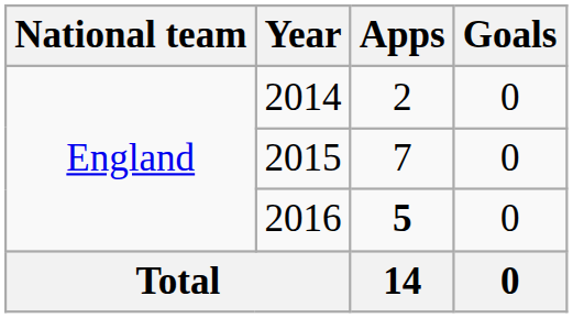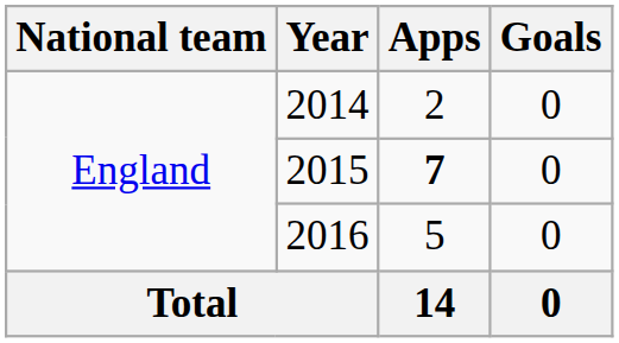 <table class=wikitable style=text-align:center>
 <tr>
 <th>National team</th>
 <th>Year</th>
 <th>Apps</th>
 <th>Goals</th>
 </tr>
 <tr>
 <td rowspan=3><a href='#'>England</a></td>
 <td>2014</td>
 <td>2</td>
 <td>0</td>
 </tr>
 <tr>
 <td>2015</td>
-<td>7</td>
+<td><strong>7</strong></td>
 <td>0</td>
 </tr>
 <tr>
 <td>2016</td>
-<td><strong>5</strong></td>
+<td>5</td>
 <td>0</td>
 </tr>
 <tr>
 <th colspan=2>Total</th>
 <th>14</th>
 <th>0</th>
 </tr>
 </table>
